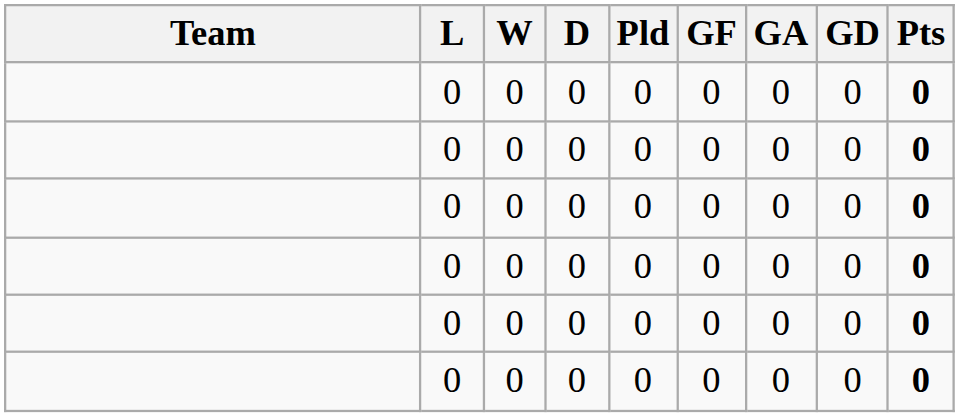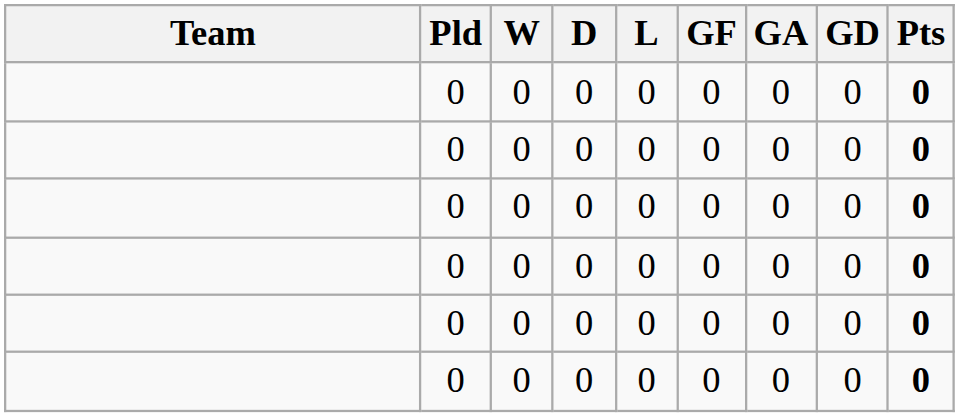 <table class="wikitable" style="text-align: center;">
 <tr>
 <th width="175">Team</th>
-<th width="20">L</th>
+<th width="20">Pld</th>
 <th width="20">W</th>
 <th width="20">D</th>
-<th width="20">Pld</th>
+<th width="20">L</th>
 <th width="20">GF</th>
 <th width="20">GA</th>
 <th width="20">GD</th>
 <th width="20">Pts</th>
 </tr>
 <tr>
 <td align=left></td>
 <td>0</td>
 <td>0</td>
 <td>0</td>
 <td>0</td>
 <td>0</td>
 <td>0</td>
 <td>0</td>
 <td><strong>0</strong></td>
 </tr>
 <tr>
 <td align=left></td>
 <td>0</td>
 <td>0</td>
 <td>0</td>
 <td>0</td>
 <td>0</td>
 <td>0</td>
 <td>0</td>
 <td><strong>0</strong></td>
 </tr>
 <tr>
 <td align=left></td>
 <td>0</td>
 <td>0</td>
 <td>0</td>
 <td>0</td>
 <td>0</td>
 <td>0</td>
 <td>0</td>
 <td><strong>0</strong></td>
 </tr>
 <tr>
 <td align=left></td>
 <td>0</td>
 <td>0</td>
 <td>0</td>
 <td>0</td>
 <td>0</td>
 <td>0</td>
 <td>0</td>
 <td><strong>0</strong></td>
 </tr>
 <tr>
 <td align=left></td>
 <td>0</td>
 <td>0</td>
 <td>0</td>
 <td>0</td>
 <td>0</td>
 <td>0</td>
 <td>0</td>
 <td><strong>0</strong></td>
 </tr>
 <tr>
 <td align=left></td>
 <td>0</td>
 <td>0</td>
 <td>0</td>
 <td>0</td>
 <td>0</td>
 <td>0</td>
 <td>0</td>
 <td><strong>0</strong></td>
 </tr>
 </table>
